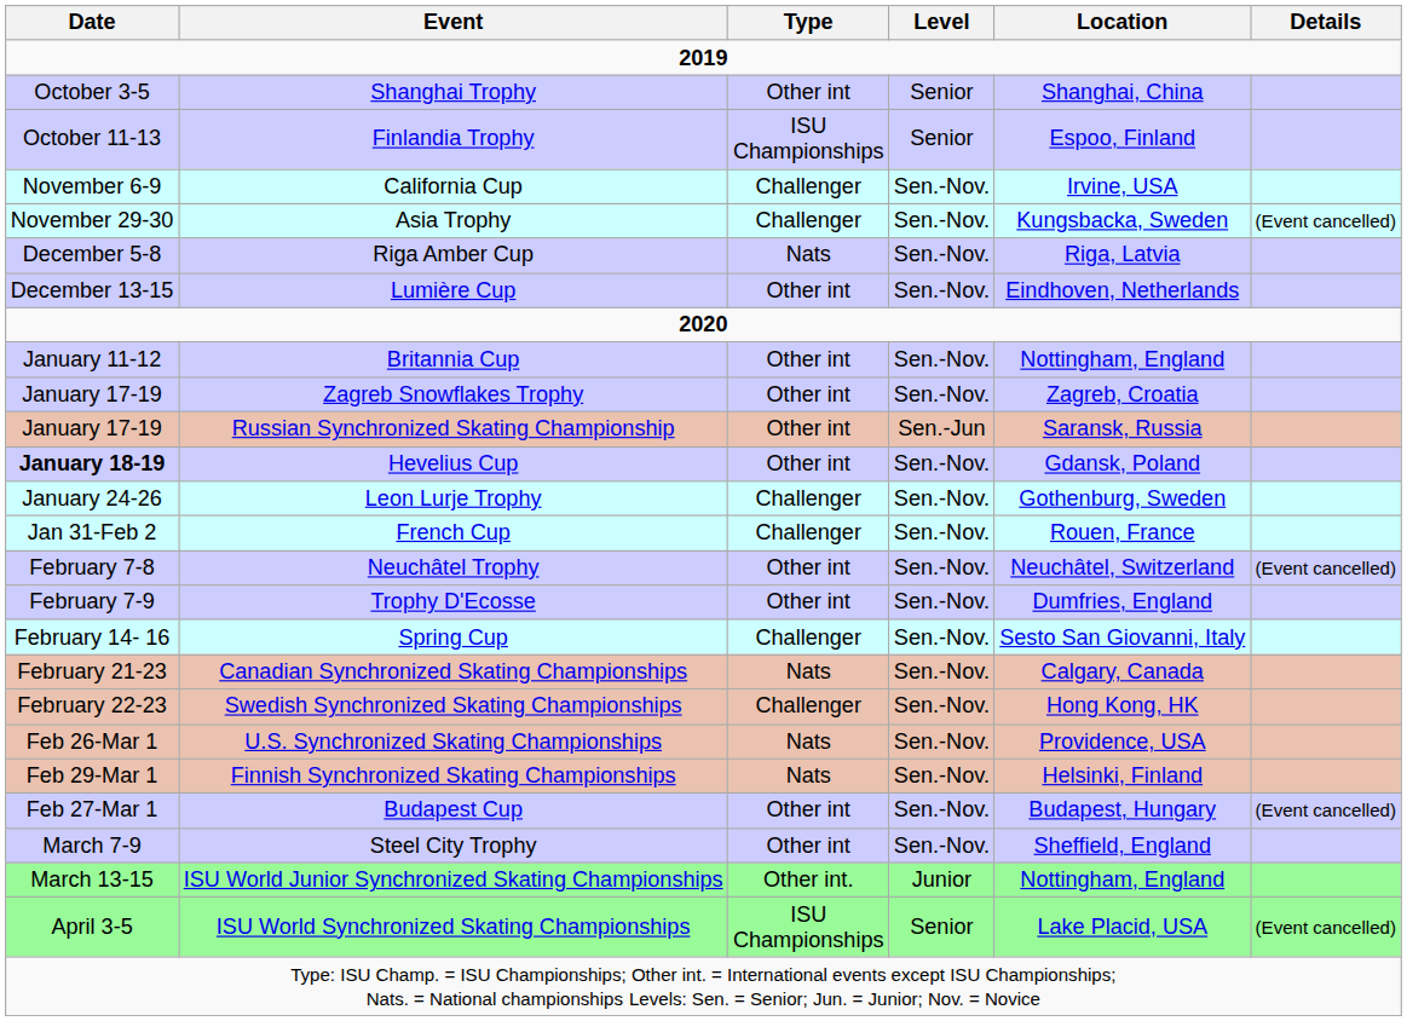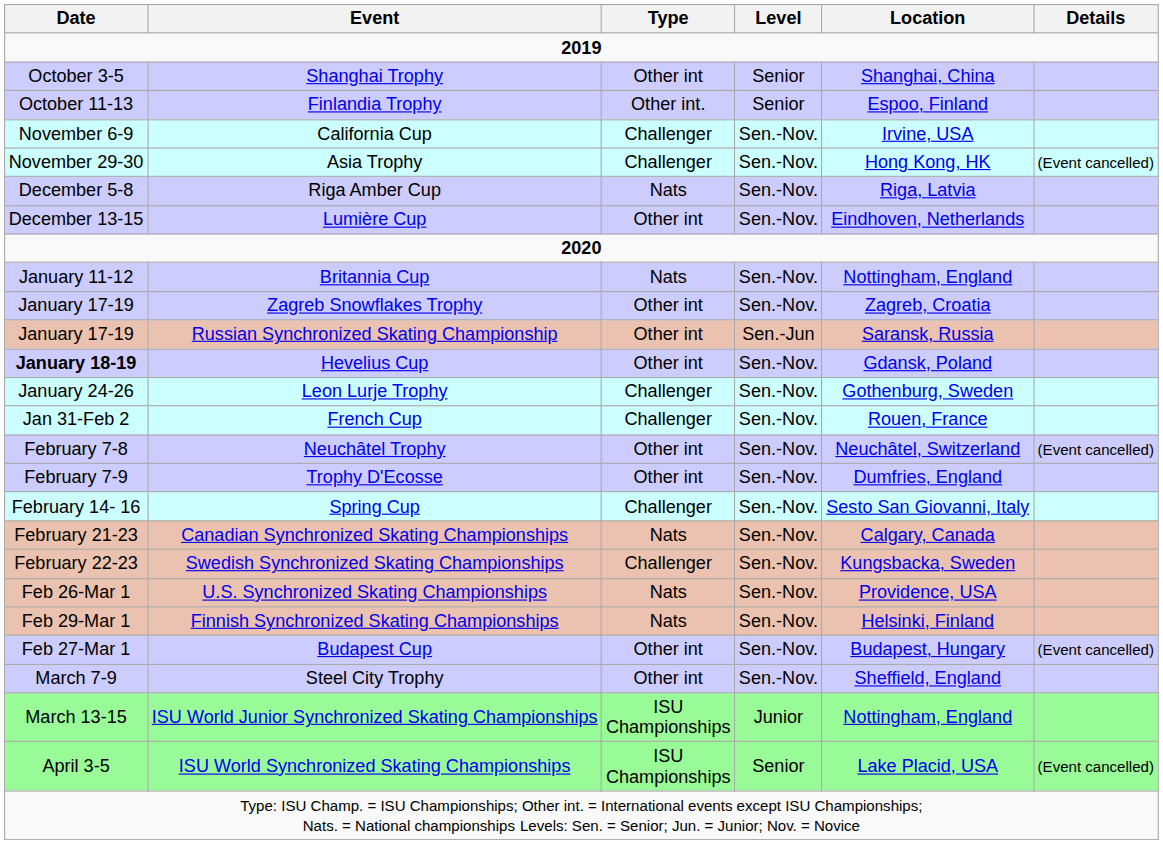 <table class="wikitable" style="text-align:center">
 <tr>
 <th>Date</th>
 <th>Event</th>
 <th>Type</th>
 <th>Level</th>
 <th>Location</th>
 <th>Details</th>
 </tr>
 <tr>
 <td colspan="6" align="center"><strong>2019</strong></td>
 </tr>
 <tr bgcolor="#CCCCFF">
 <td>October 3-5</td>
 <td><a href='#'>Shanghai Trophy</a></td>
 <td>Other int</td>
 <td>Senior</td>
 <td><a href='#'>Shanghai, China</a></td>
 <td></td>
 </tr>
 <tr bgcolor="#CCCCFF">
 <td>October 11-13</td>
 <td><a href='#'>Finlandia Trophy</a></td>
-<td>ISU<br>Championships</td>
+<td>Other int.</td>
 <td>Senior</td>
 <td><a href='#'>Espoo, Finland</a></td>
 <td></td>
 </tr>
 <tr bgcolor="#ccffff">
 <td>November 6-9</td>
 <td>California Cup</td>
 <td>Challenger</td>
 <td>Sen.-Nov.</td>
 <td><a href='#'>Irvine, USA</a></td>
 <td></td>
 </tr>
 <tr bgcolor="#ccffff">
 <td>November 29-30</td>
 <td>Asia Trophy</td>
 <td>Challenger</td>
 <td>Sen.-Nov.</td>
-<td><a href='#'>Kungsbacka, Sweden</a></td>
+<td><a href='#'>Hong Kong, HK</a></td>
 <td><small>(Event cancelled)</small></td>
 </tr>
 <tr bgcolor="#CCCCFF">
 <td>December 5-8</td>
 <td>Riga Amber Cup</td>
 <td>Nats</td>
 <td>Sen.-Nov.</td>
 <td><a href='#'>Riga, Latvia</a></td>
 <td></td>
 </tr>
 <tr bgcolor="CCCCFF">
 <td>December 13-15</td>
 <td align="center"><a href='#'>Lumière Cup</a></td>
 <td>Other int</td>
 <td>Sen.-Nov.</td>
 <td><a href='#'>Eindhoven, Netherlands</a></td>
 <td></td>
 </tr>
 <tr>
 <td colspan="6" align="center"><strong>2020</strong></td>
 </tr>
 <tr bgcolor="#CCCCFF">
 <td>January 11-12</td>
 <td><a href='#'>Britannia Cup</a></td>
-<td>Other int</td>
+<td>Nats</td>
 <td>Sen.-Nov.</td>
 <td><a href='#'>Nottingham, England</a></td>
 <td></td>
 </tr>
 <tr bgcolor="#CCCCFF">
 <td>January 17-19</td>
 <td><a href='#'>Zagreb Snowflakes Trophy</a></td>
 <td>Other int</td>
 <td>Sen.-Nov.</td>
 <td><a href='#'>Zagreb, Croatia</a></td>
 <td></td>
 </tr>
 <tr bgcolor="#EBC2AF">
 <td>January 17-19</td>
 <td><a href='#'>Russian Synchronized Skating Championship</a></td>
 <td>Other int</td>
 <td>Sen.-Jun</td>
 <td><a href='#'>Saransk, Russia</a></td>
 <td></td>
 </tr>
 <tr bgcolor="#CCCCFF">
 <td><strong>January 18-19</strong></td>
 <td align="center"><a href='#'>Hevelius Cup</a></td>
 <td>Other int</td>
 <td>Sen.-Nov.</td>
 <td><a href='#'>Gdansk, Poland</a></td>
 <td></td>
 </tr>
 <tr bgcolor="#ccffff">
 <td>January 24-26</td>
 <td><a href='#'>Leon Lurje Trophy</a></td>
 <td>Challenger</td>
 <td>Sen.-Nov.</td>
 <td><a href='#'>Gothenburg, Sweden</a></td>
 <td></td>
 </tr>
 <tr bgcolor="#ccffff">
 <td>Jan 31-Feb 2</td>
 <td align="center"><a href='#'>French Cup</a></td>
 <td>Challenger</td>
 <td>Sen.-Nov.</td>
 <td><a href='#'>Rouen, France</a></td>
 <td></td>
 </tr>
 <tr bgcolor="#CCCCFF">
 <td>February 7-8</td>
 <td><a href='#'>Neuchâtel Trophy</a></td>
 <td>Other int</td>
 <td>Sen.-Nov.</td>
 <td><a href='#'>Neuchâtel, Switzerland</a></td>
 <td><small>(Event cancelled)</small></td>
 </tr>
 <tr bgcolor="#CCCCFF">
 <td>February 7-9</td>
 <td><a href='#'>Trophy D'Ecosse</a></td>
 <td>Other int</td>
 <td>Sen.-Nov.</td>
 <td><a href='#'>Dumfries, England</a></td>
 <td></td>
 </tr>
 <tr bgcolor="#ccffff">
 <td>February 14- 16</td>
 <td><a href='#'>Spring Cup</a></td>
 <td>Challenger</td>
 <td>Sen.-Nov.</td>
 <td><a href='#'>Sesto San Giovanni, Italy</a></td>
 <td></td>
 </tr>
 <tr bgcolor="#EBC2AF">
 <td>February 21-23</td>
 <td><a href='#'>Canadian Synchronized Skating Championships</a></td>
 <td>Nats</td>
 <td>Sen.-Nov.</td>
 <td><a href='#'>Calgary, Canada</a></td>
 <td></td>
 </tr>
 <tr bgcolor="#EBC2AF">
 <td>February 22-23</td>
 <td><a href='#'>Swedish Synchronized Skating Championships</a></td>
 <td>Challenger</td>
 <td>Sen.-Nov.</td>
-<td><a href='#'>Hong Kong, HK</a></td>
+<td><a href='#'>Kungsbacka, Sweden</a></td>
 <td></td>
 </tr>
 <tr bgcolor="#EBC2AF">
 <td>Feb 26-Mar 1</td>
 <td><a href='#'>U.S. Synchronized Skating Championships</a></td>
 <td>Nats</td>
 <td>Sen.-Nov.</td>
 <td><a href='#'>Providence, USA</a></td>
 <td></td>
 </tr>
 <tr bgcolor="#EBC2AF">
 <td>Feb 29-Mar 1</td>
 <td><a href='#'>Finnish Synchronized Skating Championships</a></td>
 <td>Nats</td>
 <td>Sen.-Nov.</td>
 <td><a href='#'>Helsinki, Finland</a></td>
 <td></td>
 </tr>
 <tr bgcolor="#CCCCFF">
 <td>Feb 27-Mar 1</td>
 <td><a href='#'>Budapest Cup</a></td>
 <td>Other int</td>
 <td>Sen.-Nov.</td>
 <td><a href='#'>Budapest, Hungary</a></td>
 <td><small>(Event cancelled)</small></td>
 </tr>
 <tr bgcolor="#CCCCFF">
 <td>March 7-9</td>
 <td>Steel City Trophy</td>
 <td>Other int</td>
 <td>Sen.-Nov.</td>
 <td><a href='#'>Sheffield, England</a></td>
 <td></td>
 </tr>
 <tr bgcolor="98FB98">
 <td>March 13-15</td>
 <td align="center"><a href='#'>ISU World Junior Synchronized Skating Championships</a></td>
-<td>Other int.</td>
+<td>ISU<br>Championships</td>
 <td>Junior</td>
 <td><a href='#'>Nottingham, England</a></td>
 <td></td>
 </tr>
 <tr bgcolor="98FB98">
 <td>April 3-5</td>
 <td><a href='#'>ISU World Synchronized Skating Championships</a></td>
 <td>ISU<br>Championships</td>
 <td>Senior</td>
 <td><a href='#'>Lake Placid, USA</a></td>
 <td><small>(Event cancelled)</small></td>
 </tr>
 <tr>
 <td colspan="6" align="center"><small>Type: ISU Champ. = ISU Championships; Other int. = International events except ISU Championships;</small><br><small>Nats. = National championships</small>  <small>Levels: Sen. = Senior; Jun. = Junior; Nov. = Novice</small></td>
 </tr>
 </table>
